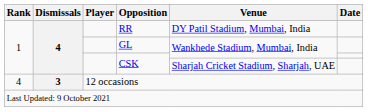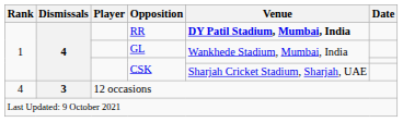 <table class="wikitable">
 <tr>
 <th>Rank</th>
 <th>Dismissals</th>
 <th>Player</th>
 <th>Opposition</th>
 <th>Venue</th>
 <th>Date</th>
 </tr>
 <tr>
 <td align=center rowspan=4>1</td>
 <th scope=row style=text-align:center; rowspan=4>4</th>
 <td></td>
 <td><a href='#'>RR</a></td>
-<td><a href='#'>DY Patil Stadium</a>, <a href='#'>Mumbai</a>, India</td>
+<td><strong><a href='#'>DY Patil Stadium</a>, <a href='#'>Mumbai</a>, India</strong></td>
 <td></td>
 </tr>
 <tr>
 <td></td>
 <td><a href='#'>GL</a></td>
 <td rowspan=2><a href='#'>Wankhede Stadium</a>, <a href='#'>Mumbai</a>, India</td>
 <td></td>
 </tr>
 <tr>
 <td rowspan=2></td>
 <td rowspan=2><a href='#'>CSK</a></td>
 <td></td>
 </tr>
 <tr>
 <td><a href='#'>Sharjah Cricket Stadium</a>, <a href='#'>Sharjah</a>, UAE</td>
 <td></td>
 </tr>
 <tr>
 <td align=center>4</td>
 <th scope=row style=text-align:center;>3</th>
 <td colspan=6>12 occasions</td>
 </tr>
 <tr class=sortbottom>
 <td colspan=6><small>Last Updated: 9 October 2021</small></td>
 </tr>
 </table>
